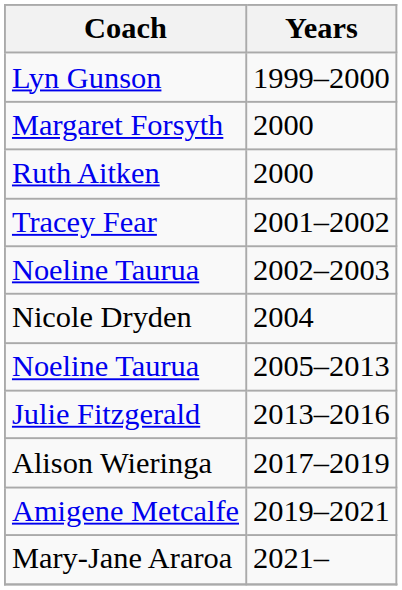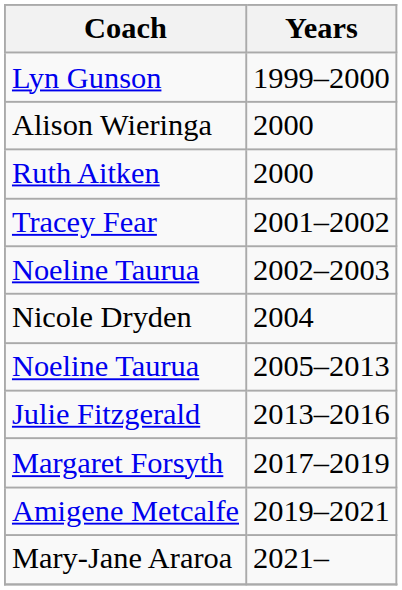 <table class="wikitable collapsible">
 <tr>
 <th>Coach</th>
 <th>Years</th>
 </tr>
 <tr>
 <td><a href='#'>Lyn Gunson</a></td>
 <td>1999–2000</td>
 </tr>
 <tr>
-<td><a href='#'>Margaret Forsyth</a></td>
+<td>Alison Wieringa</td>
 <td>2000</td>
 </tr>
 <tr>
 <td><a href='#'>Ruth Aitken</a></td>
 <td>2000</td>
 </tr>
 <tr>
 <td><a href='#'>Tracey Fear</a></td>
 <td>2001–2002</td>
 </tr>
 <tr>
 <td><a href='#'>Noeline Taurua</a></td>
 <td>2002–2003</td>
 </tr>
 <tr>
 <td>Nicole Dryden</td>
 <td>2004</td>
 </tr>
 <tr>
 <td><a href='#'>Noeline Taurua</a></td>
 <td>2005–2013</td>
 </tr>
 <tr>
 <td><a href='#'>Julie Fitzgerald</a></td>
 <td>2013–2016</td>
 </tr>
 <tr>
-<td>Alison Wieringa</td>
+<td><a href='#'>Margaret Forsyth</a></td>
 <td>2017–2019</td>
 </tr>
 <tr>
 <td><a href='#'>Amigene Metcalfe</a></td>
 <td>2019–2021</td>
 </tr>
 <tr>
 <td>Mary-Jane Araroa</td>
 <td>2021–</td>
 </tr>
 <tr>
 </tr>
 </table>
